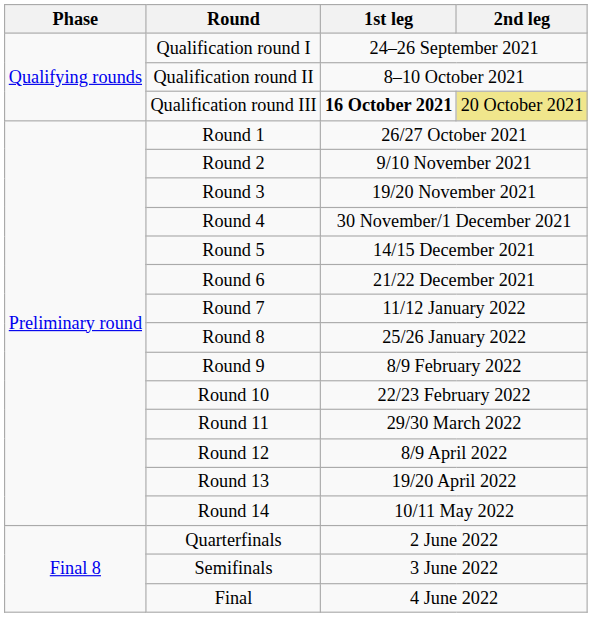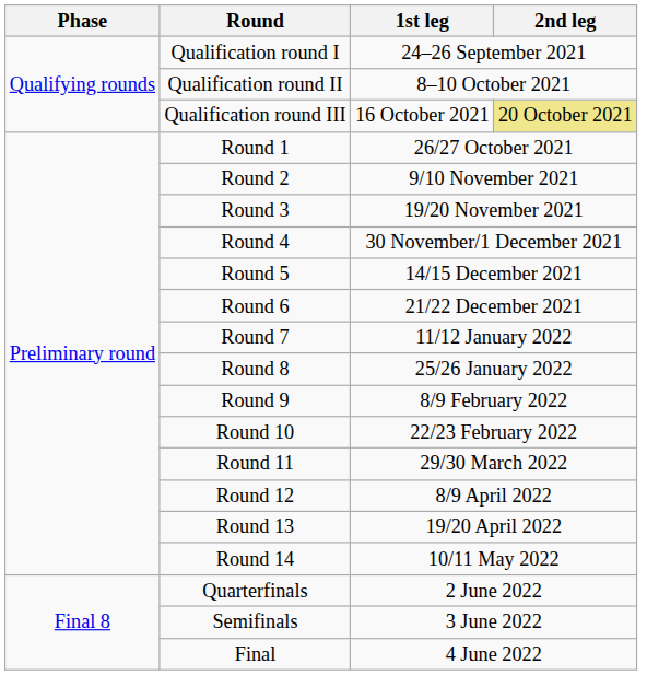 <table class="wikitable" style="text-align:center">
 <tr>
 <th>Phase</th>
 <th>Round</th>
 <th>1st leg</th>
 <th>2nd leg</th>
 </tr>
 <tr>
 <td rowspan=3><a href='#'>Qualifying rounds</a></td>
 <td>Qualification round I</td>
 <td colspan=2>24–26 September 2021</td>
 </tr>
 <tr>
 <td>Qualification round II</td>
 <td colspan=2>8–10 October 2021</td>
 </tr>
 <tr>
 <td>Qualification round III</td>
-<td><strong>16 October 2021</strong></td>
+<td>16 October 2021</td>
 <td style="background: khaki;">20 October 2021</td>
 </tr>
 <tr>
 <td rowspan=14><a href='#'>Preliminary round</a></td>
 <td>Round 1</td>
 <td colspan=2>26/27 October 2021</td>
 </tr>
 <tr>
 <td>Round 2</td>
 <td colspan=2>9/10 November 2021</td>
 </tr>
 <tr>
 <td>Round 3</td>
 <td colspan=2>19/20 November 2021</td>
 </tr>
 <tr>
 <td>Round 4</td>
 <td colspan=2>30 November/1 December 2021</td>
 </tr>
 <tr>
 <td>Round 5</td>
 <td colspan=2>14/15 December 2021</td>
 </tr>
 <tr>
 <td>Round 6</td>
 <td colspan=2>21/22 December 2021</td>
 </tr>
 <tr>
 <td>Round 7</td>
 <td colspan=2>11/12 January 2022</td>
 </tr>
 <tr>
 <td>Round 8</td>
 <td colspan=2>25/26 January 2022</td>
 </tr>
 <tr>
 <td>Round 9</td>
 <td colspan=2>8/9 February 2022</td>
 </tr>
 <tr>
 <td>Round 10</td>
 <td colspan=2>22/23 February 2022</td>
 </tr>
 <tr>
 <td>Round 11</td>
 <td colspan=2>29/30 March 2022</td>
 </tr>
 <tr>
 <td>Round 12</td>
 <td colspan=2>8/9 April 2022</td>
 </tr>
 <tr>
 <td>Round 13</td>
 <td colspan=2>19/20 April 2022</td>
 </tr>
 <tr>
 <td>Round 14</td>
 <td colspan=2>10/11 May 2022</td>
 </tr>
 <tr>
 <td rowspan=3><a href='#'>Final 8</a></td>
 <td>Quarterfinals</td>
 <td colspan=2>2 June 2022</td>
 </tr>
 <tr>
 <td>Semifinals</td>
 <td colspan=2>3 June 2022</td>
 </tr>
 <tr>
 <td>Final</td>
 <td colspan=2>4 June 2022</td>
 </tr>
 </table>
